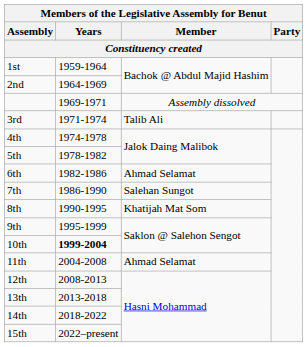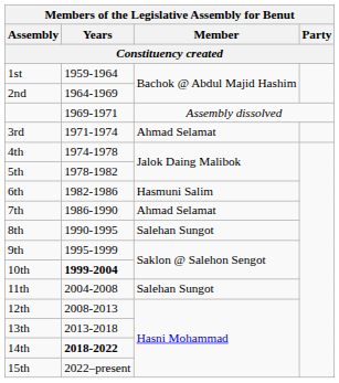 <table class=wikitable>
 <tr>
 <th colspan=4>Members of the Legislative Assembly for Benut</th>
 </tr>
 <tr>
 <th>Assembly</th>
 <th>Years</th>
 <th>Member</th>
 <th>Party</th>
 </tr>
 <tr>
 <th colspan=4 align=center><em>Constituency created</em></th>
 </tr>
 <tr>
 <td>1st</td>
 <td>1959-1964</td>
 <td rowspan="2">Bachok @ Abdul Majid Hashim</td>
 <td rowspan="2"></td>
 </tr>
 <tr>
 <td>2nd</td>
 <td>1964-1969</td>
 </tr>
 <tr>
 <td></td>
 <td>1969-1971</td>
 <td colspan=2 align=center><em>Assembly dissolved</em></td>
 </tr>
 <tr>
 <td>3rd</td>
 <td>1971-1974</td>
-<td>Talib Ali</td>
+<td>Ahmad Selamat</td>
 <td></td>
 </tr>
 <tr>
 <td>4th</td>
 <td>1974-1978</td>
 <td rowspan="2">Jalok Daing Malibok</td>
 <td rowspan="13"></td>
 </tr>
 <tr>
 <td>5th</td>
 <td>1978-1982</td>
 </tr>
 <tr>
 <td>6th</td>
 <td>1982-1986</td>
-<td>Ahmad Selamat</td>
+<td>Hasmuni Salim</td>
 </tr>
 <tr>
 <td>7th</td>
 <td>1986-1990</td>
-<td>Salehan Sungot</td>
+<td>Ahmad Selamat</td>
 </tr>
 <tr>
 <td>8th</td>
 <td>1990-1995</td>
-<td>Khatijah Mat Som</td>
+<td>Salehan Sungot</td>
 </tr>
 <tr>
 <td>9th</td>
 <td>1995-1999</td>
 <td rowspan="2">Saklon @ Salehon Sengot</td>
 </tr>
 <tr>
 <td>10th</td>
 <td><strong>1999-2004</strong></td>
 </tr>
 <tr>
 <td>11th</td>
 <td>2004-2008</td>
-<td>Ahmad Selamat</td>
+<td>Salehan Sungot</td>
 </tr>
 <tr>
 <td>12th</td>
 <td>2008-2013</td>
 <td rowspan="4"><a href='#'>Hasni Mohammad</a></td>
 </tr>
 <tr>
 <td>13th</td>
 <td>2013-2018</td>
 </tr>
 <tr>
 <td>14th</td>
-<td>2018-2022</td>
+<td><strong>2018-2022</strong></td>
 </tr>
 <tr>
 <td>15th</td>
 <td>2022–present</td>
 </tr>
 </table>
